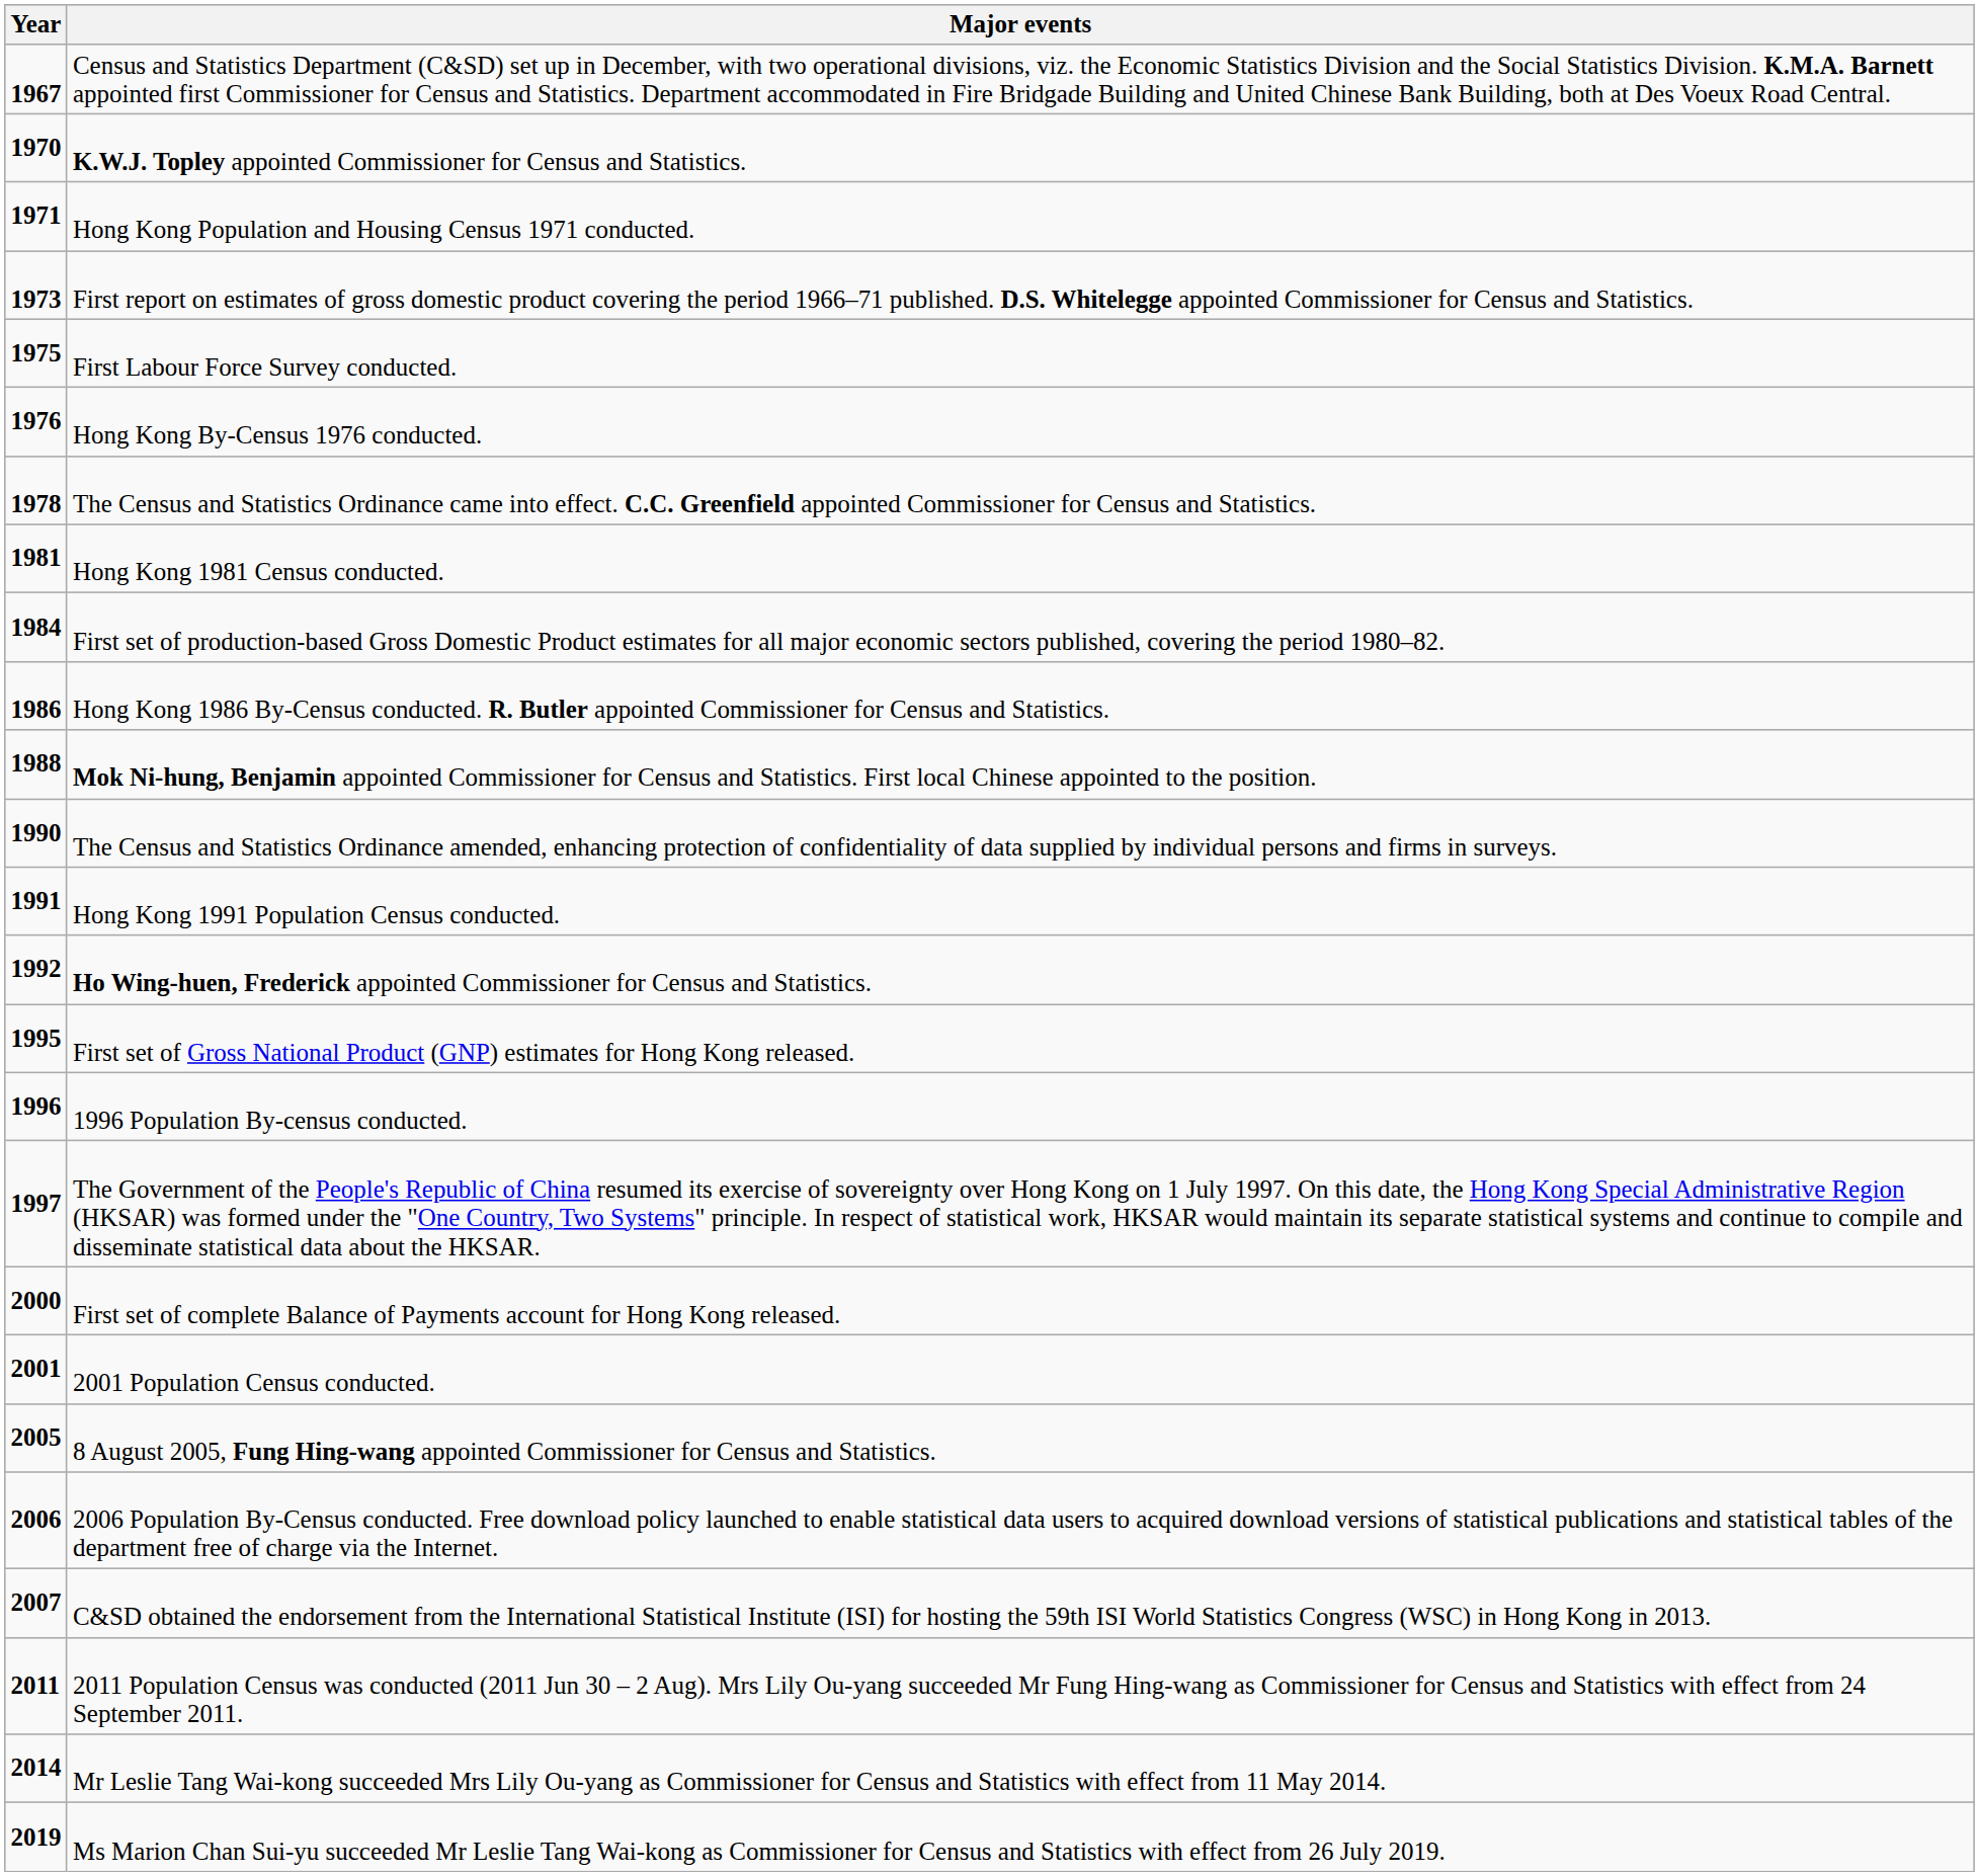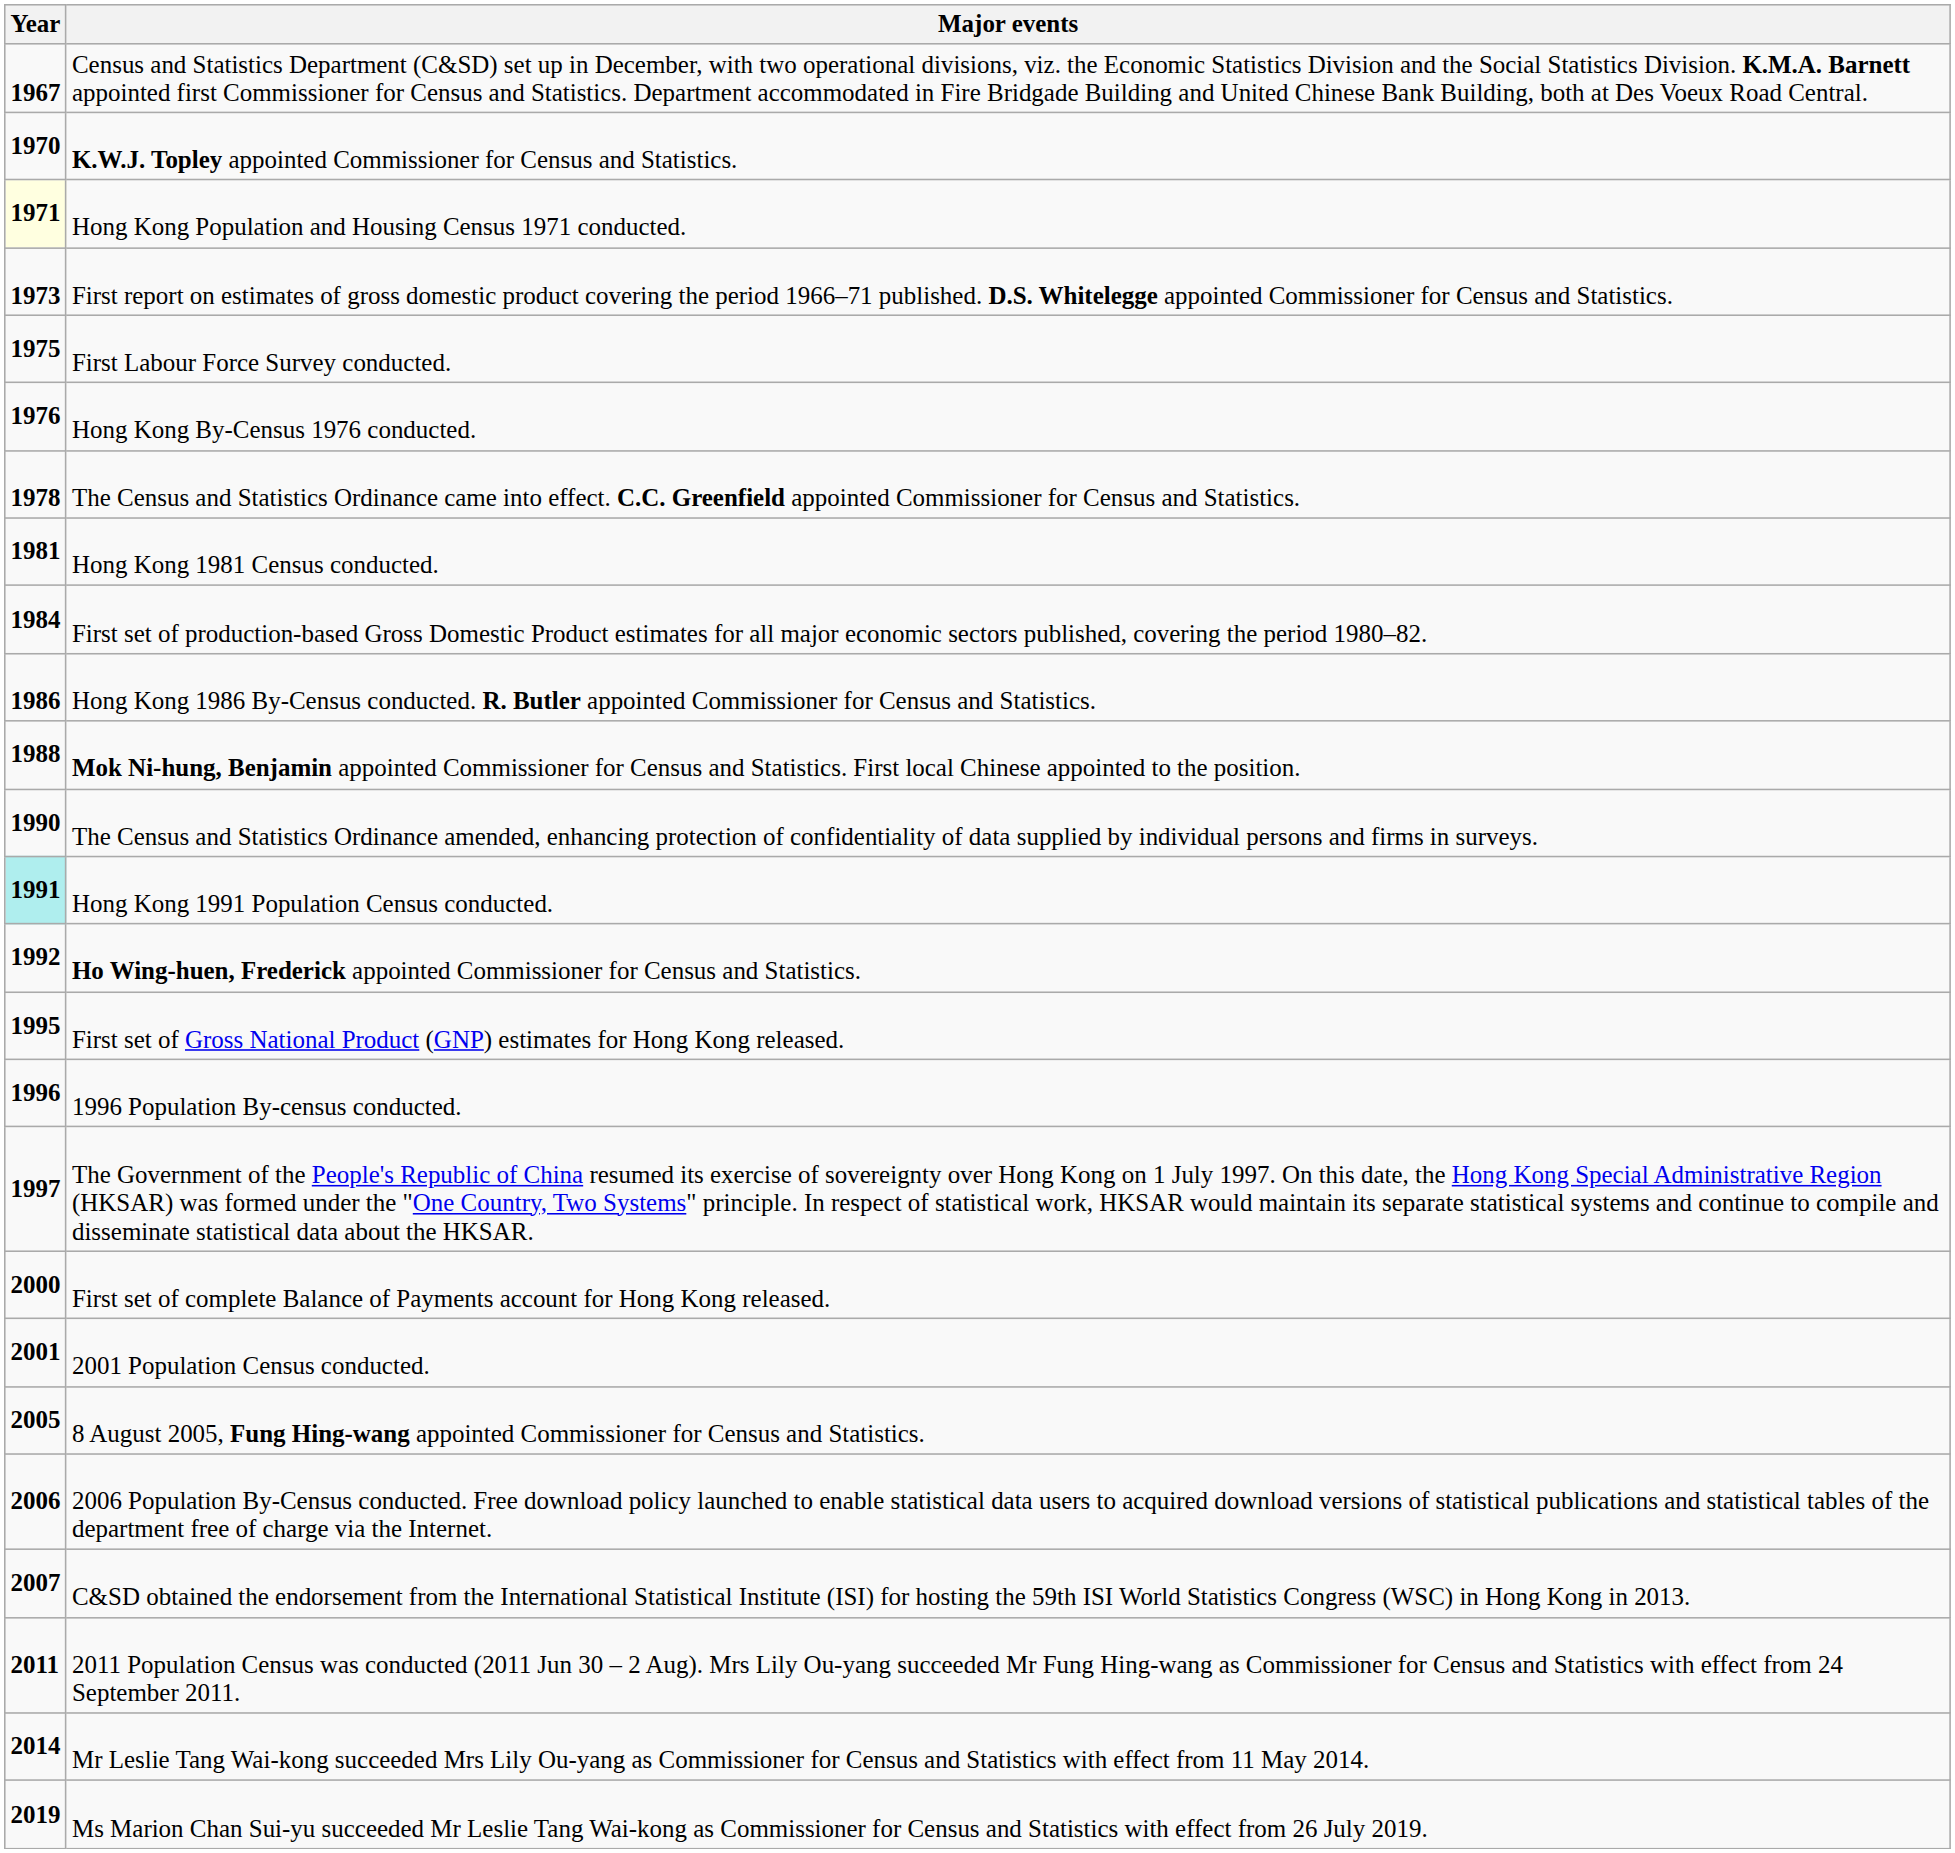 <table class="wikitable">
 <tr>
 <th>Year</th>
 <th>Major events</th>
 </tr>
 <tr valign="top">
 <td><br><strong>1967</strong></td>
 <td>Census and Statistics Department (C&SD) set up in December, with two operational divisions, viz. the Economic Statistics Division and the Social Statistics Division.  <strong>K.M.A. Barnett</strong> appointed first Commissioner for Census and Statistics.  Department accommodated in Fire Bridgade Building and United Chinese Bank Building, both at Des Voeux Road Central.</td>
 </tr>
 <tr>
 <td><strong>1970</strong></td>
 <td><br><strong>K.W.J. Topley</strong> appointed Commissioner for Census and Statistics.</td>
 </tr>
 <tr>
-<td><strong>1971</strong></td>
+<td style="background: lightyellow;"><strong>1971</strong></td>
 <td><br>Hong Kong Population and Housing Census 1971 conducted.</td>
 </tr>
 <tr valign="top">
 <td><br><strong>1973</strong></td>
 <td><br>First report on estimates of gross domestic product covering the period 1966–71 published. <strong>D.S. Whitelegge</strong> appointed Commissioner for Census and Statistics.</td>
 </tr>
 <tr>
 <td><strong>1975</strong></td>
 <td><br>First Labour Force Survey conducted.</td>
 </tr>
 <tr>
 <td><strong>1976</strong></td>
 <td><br>Hong Kong By-Census 1976 conducted.</td>
 </tr>
 <tr valign="top">
 <td><br><strong>1978</strong></td>
 <td><br>The Census and Statistics Ordinance came into effect. <strong>C.C. Greenfield</strong> appointed Commissioner for Census and Statistics.</td>
 </tr>
 <tr>
 <td><strong>1981</strong></td>
 <td><br>Hong Kong 1981 Census conducted.</td>
 </tr>
 <tr>
 <td><strong>1984</strong></td>
 <td><br>First set of production-based Gross Domestic Product estimates for all major economic sectors published, covering the period 1980–82.</td>
 </tr>
 <tr valign="top">
 <td><br><strong>1986</strong></td>
 <td><br>Hong Kong 1986 By-Census conducted. <strong>R. Butler</strong> appointed Commissioner for Census and Statistics.</td>
 </tr>
 <tr>
 <td><strong>1988</strong></td>
 <td><br><strong>Mok Ni-hung, Benjamin</strong> appointed Commissioner for Census and Statistics.  First local Chinese appointed to the position.</td>
 </tr>
 <tr>
 <td><strong>1990</strong></td>
 <td><br>The Census and Statistics Ordinance amended, enhancing protection of confidentiality of data supplied by individual persons and firms in surveys.</td>
 </tr>
 <tr>
-<td><strong>1991</strong></td>
+<td style="background: paleturquoise;"><strong>1991</strong></td>
 <td><br>Hong Kong 1991 Population Census conducted.</td>
 </tr>
 <tr>
 <td><strong>1992</strong></td>
 <td><br><strong>Ho Wing-huen, Frederick</strong> appointed Commissioner for Census and Statistics.</td>
 </tr>
 <tr>
 <td><strong>1995</strong></td>
 <td><br>First set of <a href='#'>Gross National Product</a> (<a href='#'>GNP</a>) estimates for Hong Kong released.</td>
 </tr>
 <tr>
 <td><strong>1996</strong></td>
 <td><br>1996 Population By-census conducted.</td>
 </tr>
 <tr>
 <td><strong>1997</strong></td>
 <td><br>The Government of the <a href='#'>People's Republic of China</a> resumed its exercise of sovereignty over Hong Kong on 1 July 1997.  On this date, the <a href='#'>Hong Kong Special Administrative Region</a> (HKSAR) was formed under the "<a href='#'>One Country, Two Systems</a>" principle.  In respect of statistical work, HKSAR would maintain its separate statistical systems and continue to compile and disseminate statistical data about the HKSAR.</td>
 </tr>
 <tr>
 <td><strong>2000</strong></td>
 <td><br>First set of complete Balance of Payments account for Hong Kong released.</td>
 </tr>
 <tr>
 <td><strong>2001</strong></td>
 <td><br>2001 Population Census conducted.</td>
 </tr>
 <tr>
 <td><strong>2005</strong></td>
 <td><br>8 August 2005, <strong>Fung Hing-wang</strong> appointed Commissioner for Census and Statistics.</td>
 </tr>
 <tr valign="top">
 <td><br><strong>2006</strong></td>
 <td><br>2006 Population By-Census conducted. Free download policy launched to enable statistical data users to acquired download versions of statistical publications and statistical tables of the department free of charge via the Internet.</td>
 </tr>
 <tr>
 <td><strong>2007</strong></td>
 <td><br>C&SD obtained the endorsement from the International Statistical Institute (ISI) for hosting the 59th ISI World Statistics Congress (WSC) in Hong Kong in 2013.</td>
 </tr>
 <tr>
 <td><strong>2011</strong></td>
 <td><br>2011 Population Census was conducted (2011 Jun 30 – 2 Aug). Mrs Lily Ou-yang succeeded Mr Fung Hing-wang as Commissioner for Census and Statistics with effect from 24 September 2011.</td>
 </tr>
 <tr>
 <td><strong>2014</strong></td>
 <td><br>Mr Leslie Tang Wai-kong succeeded Mrs Lily Ou-yang as Commissioner for Census and Statistics with effect from 11 May 2014.</td>
 </tr>
 <tr>
 <td><strong>2019</strong></td>
 <td><br>Ms Marion Chan Sui-yu succeeded Mr Leslie Tang Wai-kong as Commissioner for Census and Statistics with effect from 26 July 2019.</td>
 </tr>
 </table>
